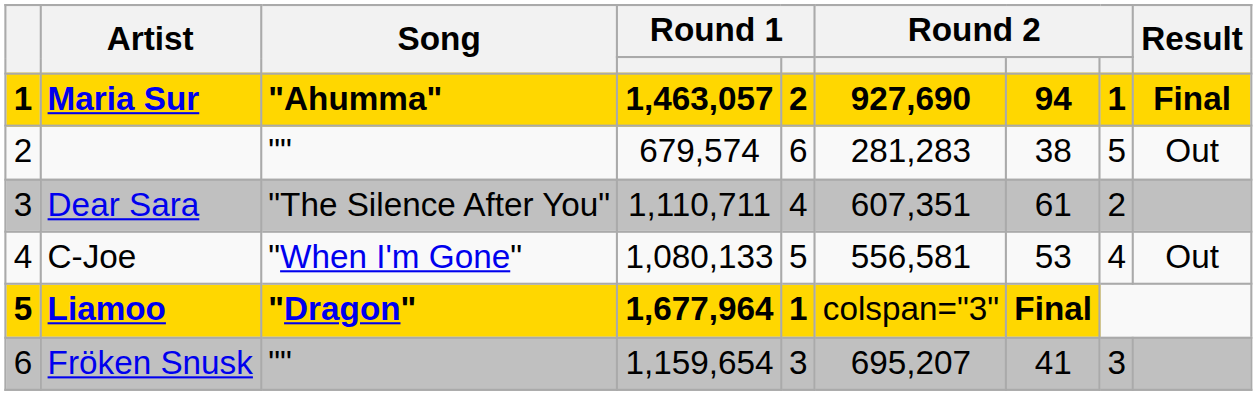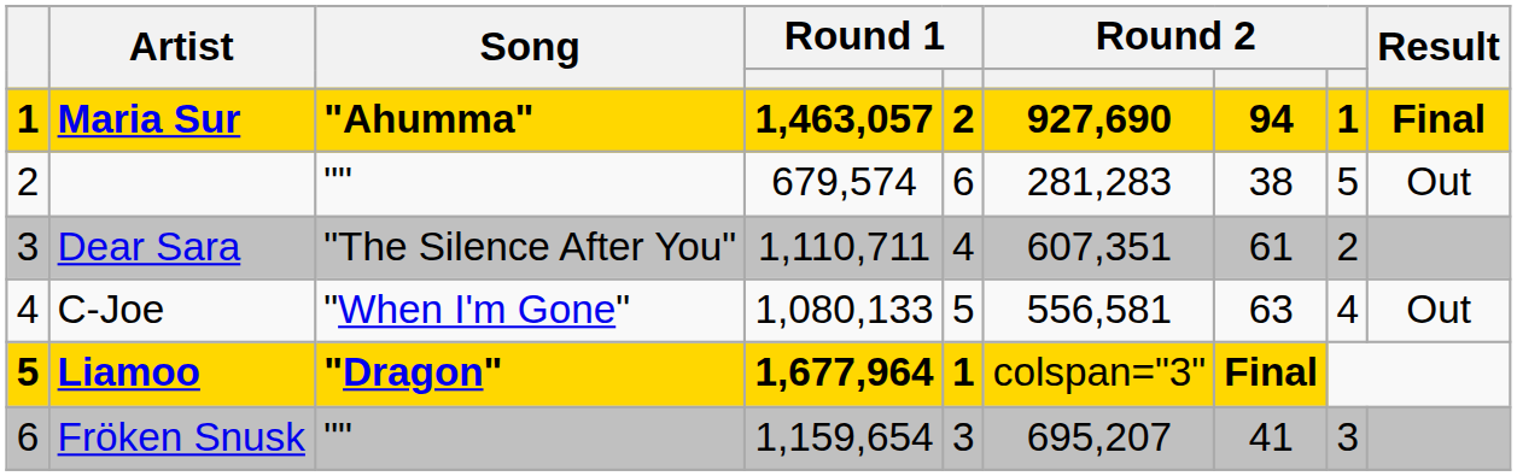 <table class="sortable wikitable" style="margin: 1em auto 1em auto; text-align:center;">
 <tr>
 <th rowspan="2"></th>
 <th rowspan="2">Artist</th>
 <th rowspan="2">Song</th>
 <th colspan="2">Round 1</th>
 <th colspan="3">Round 2</th>
 <th rowspan="2" class="unsortable">Result</th>
 </tr>
 <tr>
 <th><small></small></th>
 <th><small></small></th>
 <th><small></small></th>
 <th><small></small></th>
 <th><small></small></th>
 </tr>
 <tr style="background:gold; font-weight:bold;">
 <td>1</td>
 <td align="left"><a href='#'>Maria Sur</a></td>
 <td align="left">"Ahumma"</td>
 <td>1,463,057</td>
 <td>2</td>
 <td>927,690</td>
 <td>94</td>
 <td>1</td>
 <td>Final</td>
 </tr>
 <tr>
 <td>2</td>
 <td align="left"></td>
 <td align="left">""</td>
 <td>679,574</td>
 <td>6</td>
 <td>281,283</td>
 <td>38</td>
 <td>5</td>
 <td>Out</td>
 </tr>
 <tr style="background:silver;">
 <td>3</td>
 <td align="left"><a href='#'>Dear Sara</a></td>
 <td align="left">"The Silence After You"</td>
 <td>1,110,711</td>
 <td>4</td>
 <td>607,351</td>
 <td>61</td>
 <td>2</td>
 <td><strong></strong></td>
 </tr>
 <tr>
 <td>4</td>
 <td align="left">C-Joe</td>
 <td align="left">"<a href='#'>When I'm Gone</a>"</td>
 <td>1,080,133</td>
 <td>5</td>
 <td>556,581</td>
-<td>53</td>
+<td>63</td>
 <td>4</td>
 <td>Out</td>
 </tr>
 <tr style="background:gold;">
 <td><strong>5</strong></td>
 <td align="left"><strong><a href='#'>Liamoo</a></strong></td>
 <td align="left"><strong>"<a href='#'>Dragon</a>"</strong></td>
 <td><strong>1,677,964</strong></td>
 <td><strong>1</strong></td>
 <td>colspan="3" </td>
 <td><strong>Final</strong></td>
 </tr>
 <tr style="background:silver;">
 <td>6</td>
 <td align="left"><a href='#'>Fröken Snusk</a></td>
 <td align="left">""</td>
 <td>1,159,654</td>
 <td>3</td>
 <td>695,207</td>
 <td>41</td>
 <td>3</td>
 <td><strong></strong></td>
 </tr>
 </table>
